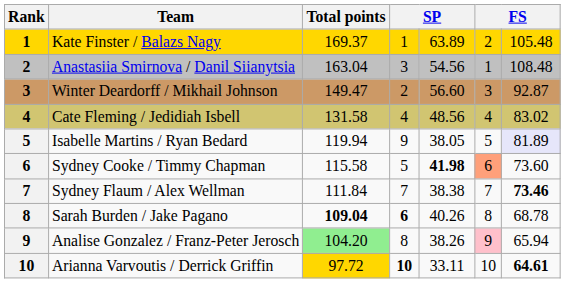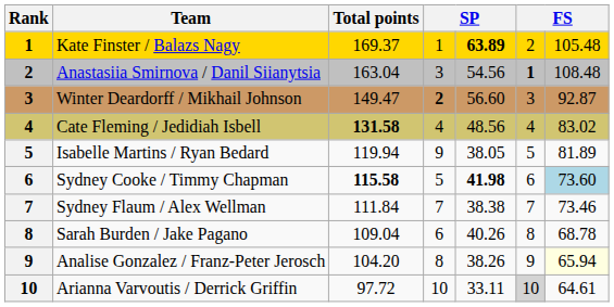 <table class="wikitable sortable">
 <tr>
 <th>Rank</th>
 <th>Team</th>
 <th>Total points</th>
 <th colspan="2" width="80px"><a href='#'>SP</a></th>
 <th colspan="2" width="80px"><a href='#'>FS</a></th>
 </tr>
 <tr bgcolor="gold">
 <td align="center"><strong>1</strong></td>
 <td>Kate Finster / <a href='#'>Balazs Nagy</a></td>
 <td align="center">169.37</td>
 <td align="center">1</td>
-<td align="center">63.89</td>
+<td align="center"><strong>63.89</strong></td>
 <td align="center">2</td>
 <td align="center">105.48</td>
 </tr>
 <tr bgcolor="silver">
 <td align="center"><strong>2</strong></td>
 <td><a href='#'> Anastasiia Smirnova</a> / <a href='#'>Danil Siianytsia</a></td>
 <td align="center">163.04</td>
 <td align="center">3</td>
 <td align="center">54.56</td>
-<td align="center">1</td>
+<td align="center"><strong>1</strong></td>
 <td align="center">108.48</td>
 </tr>
 <tr bgcolor="cc9966">
 <td align="center"><strong>3</strong></td>
 <td>Winter Deardorff / Mikhail Johnson</td>
 <td align="center">149.47</td>
-<td align="center">2</td>
+<td align="center"><strong>2</strong></td>
 <td align="center">56.60</td>
 <td align="center">3</td>
 <td align="center">92.87</td>
 </tr>
 <tr bgcolor="#d1c571">
 <td align="center"><strong>4</strong></td>
 <td>Cate Fleming / Jedidiah Isbell</td>
-<td align="center">131.58</td>
+<td align="center"><strong>131.58</strong></td>
 <td align="center">4</td>
 <td align="center">48.56</td>
 <td align="center">4</td>
 <td align="center">83.02</td>
 </tr>
 <tr>
 <th>5</th>
 <td>Isabelle Martins / Ryan Bedard</td>
 <td align="center">119.94</td>
 <td align="center">9</td>
 <td align="center">38.05</td>
 <td align="center">5</td>
-<td align="center" style="background: lavender;">81.89</td>
+<td align="center">81.89</td>
 </tr>
 <tr>
 <th>6</th>
 <td>Sydney Cooke / Timmy Chapman</td>
-<td align="center">115.58</td>
+<td align="center"><strong>115.58</strong></td>
 <td align="center">5</td>
 <td align="center"><strong>41.98</strong></td>
-<td align="center" style="background: lightsalmon;">6</td>
-<td align="center">73.60</td>
+<td align="center">6</td>
+<td align="center" style="background: lightblue;">73.60</td>
 </tr>
 <tr>
 <th>7</th>
 <td>Sydney Flaum / Alex Wellman</td>
 <td align="center">111.84</td>
 <td align="center">7</td>
 <td align="center">38.38</td>
 <td align="center">7</td>
-<td align="center"><strong>73.46</strong></td>
+<td align="center">73.46</td>
 </tr>
 <tr>
 <th>8</th>
 <td>Sarah Burden / Jake Pagano</td>
-<td align="center"><strong>109.04</strong></td>
-<td align="center"><strong>6</strong></td>
+<td align="center">109.04</td>
+<td align="center">6</td>
 <td align="center">40.26</td>
 <td align="center">8</td>
 <td align="center">68.78</td>
 </tr>
 <tr>
 <th>9</th>
 <td>Analise Gonzalez / Franz-Peter Jerosch</td>
-<td align="center" style="background: lightgreen;">104.20</td>
+<td align="center">104.20</td>
 <td align="center">8</td>
 <td align="center">38.26</td>
-<td align="center" style="background: pink;">9</td>
-<td align="center">65.94</td>
+<td align="center">9</td>
+<td align="center" style="background: lightyellow;">65.94</td>
 </tr>
 <tr>
 <th>10</th>
 <td>Arianna Varvoutis / Derrick Griffin</td>
-<td align="center" style="background: gold;">97.72</td>
-<td align="center"><strong>10</strong></td>
+<td align="center">97.72</td>
+<td align="center">10</td>
 <td align="center">33.11</td>
-<td align="center">10</td>
-<td align="center"><strong>64.61</strong></td>
+<td align="center" style="background: lightgrey;">10</td>
+<td align="center">64.61</td>
 </tr>
 </table>
